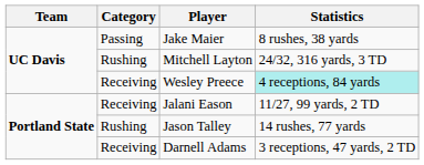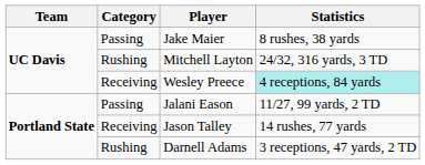 <table class="wikitable" style="float: right;">
 <tr>
 <th>Team</th>
 <th>Category</th>
 <th>Player</th>
 <th>Statistics</th>
 </tr>
 <tr>
 <td rowspan=3><strong>UC Davis</strong></td>
 <td>Passing</td>
 <td>Jake Maier</td>
 <td>8 rushes, 38 yards</td>
 </tr>
 <tr>
 <td>Rushing</td>
 <td>Mitchell Layton</td>
 <td>24/32, 316 yards, 3 TD</td>
 </tr>
 <tr>
 <td>Receiving</td>
 <td>Wesley Preece</td>
 <td style="background: paleturquoise;">4 receptions, 84 yards</td>
 </tr>
 <tr>
 <td rowspan=3><strong>Portland State</strong></td>
-<td>Receiving</td>
+<td>Passing</td>
 <td>Jalani Eason</td>
 <td>11/27, 99 yards, 2 TD</td>
 </tr>
 <tr>
-<td>Rushing</td>
+<td>Receiving</td>
 <td>Jason Talley</td>
 <td>14 rushes, 77 yards</td>
 </tr>
 <tr>
-<td>Receiving</td>
+<td>Rushing</td>
 <td>Darnell Adams</td>
 <td>3 receptions, 47 yards, 2 TD</td>
 </tr>
 </table>
